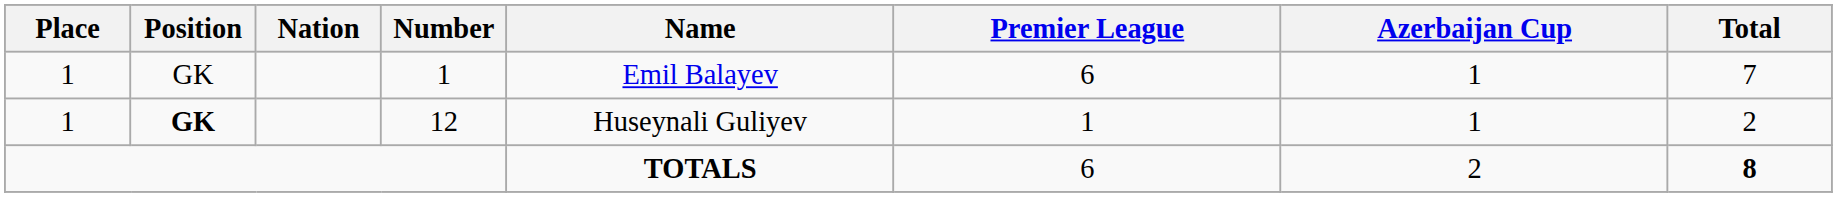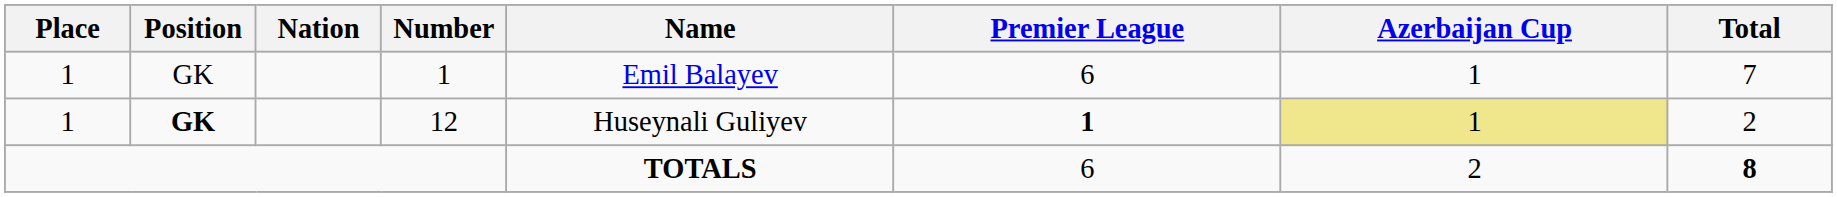 <table class="wikitable" style="font-size: 95%; text-align: center;">
 <tr>
 <th width=60>Place</th>
 <th width=60>Position</th>
 <th width=60>Nation</th>
 <th width=60>Number</th>
 <th width=200>Name</th>
 <th width=200><a href='#'>Premier League</a></th>
 <th width=200><a href='#'>Azerbaijan Cup</a></th>
 <th width=80><strong>Total</strong></th>
 </tr>
 <tr>
 <td>1</td>
 <td>GK</td>
 <td></td>
 <td>1</td>
 <td><a href='#'>Emil Balayev</a></td>
 <td>6</td>
 <td>1</td>
 <td>7</td>
 </tr>
 <tr>
 <td>1</td>
 <td><strong>GK</strong></td>
 <td></td>
 <td>12</td>
 <td>Huseynali Guliyev</td>
-<td>1</td>
-<td>1</td>
+<td><strong>1</strong></td>
+<td style="background: khaki;">1</td>
 <td>2</td>
 </tr>
 <tr>
 <td colspan="4"></td>
 <td><strong>TOTALS</strong></td>
 <td>6</td>
 <td>2</td>
 <td><strong>8</strong></td>
 </tr>
 </table>
